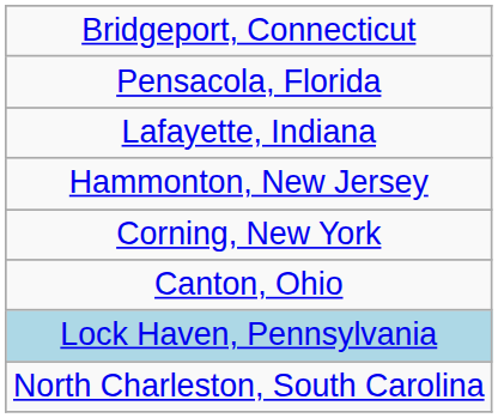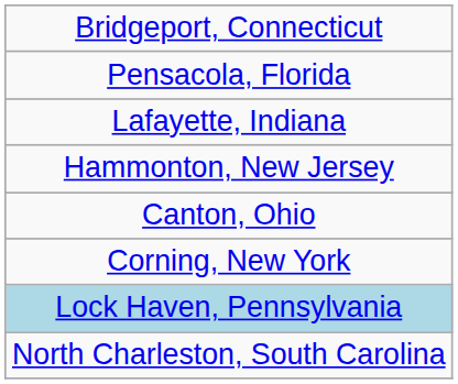 <table class="wikitable" style="text-align: center;">
 <tr>
 <td> <a href='#'>Bridgeport, Connecticut</a></td>
 </tr>
 <tr>
 <td> <a href='#'>Pensacola, Florida</a></td>
 </tr>
 <tr>
 <td> <a href='#'>Lafayette, Indiana</a></td>
 </tr>
 <tr>
 <td> <a href='#'>Hammonton, New Jersey</a></td>
 </tr>
 <tr>
-<td> <a href='#'>Corning, New York</a></td>
+<td> <a href='#'>Canton, Ohio</a></td>
 </tr>
 <tr>
-<td> <a href='#'>Canton, Ohio</a></td>
+<td> <a href='#'>Corning, New York</a></td>
 </tr>
 <tr>
 <td style="background: lightblue;"> <a href='#'>Lock Haven, Pennsylvania</a></td>
 </tr>
 <tr>
 <td> <a href='#'>North Charleston, South Carolina</a></td>
 </tr>
 </table>
